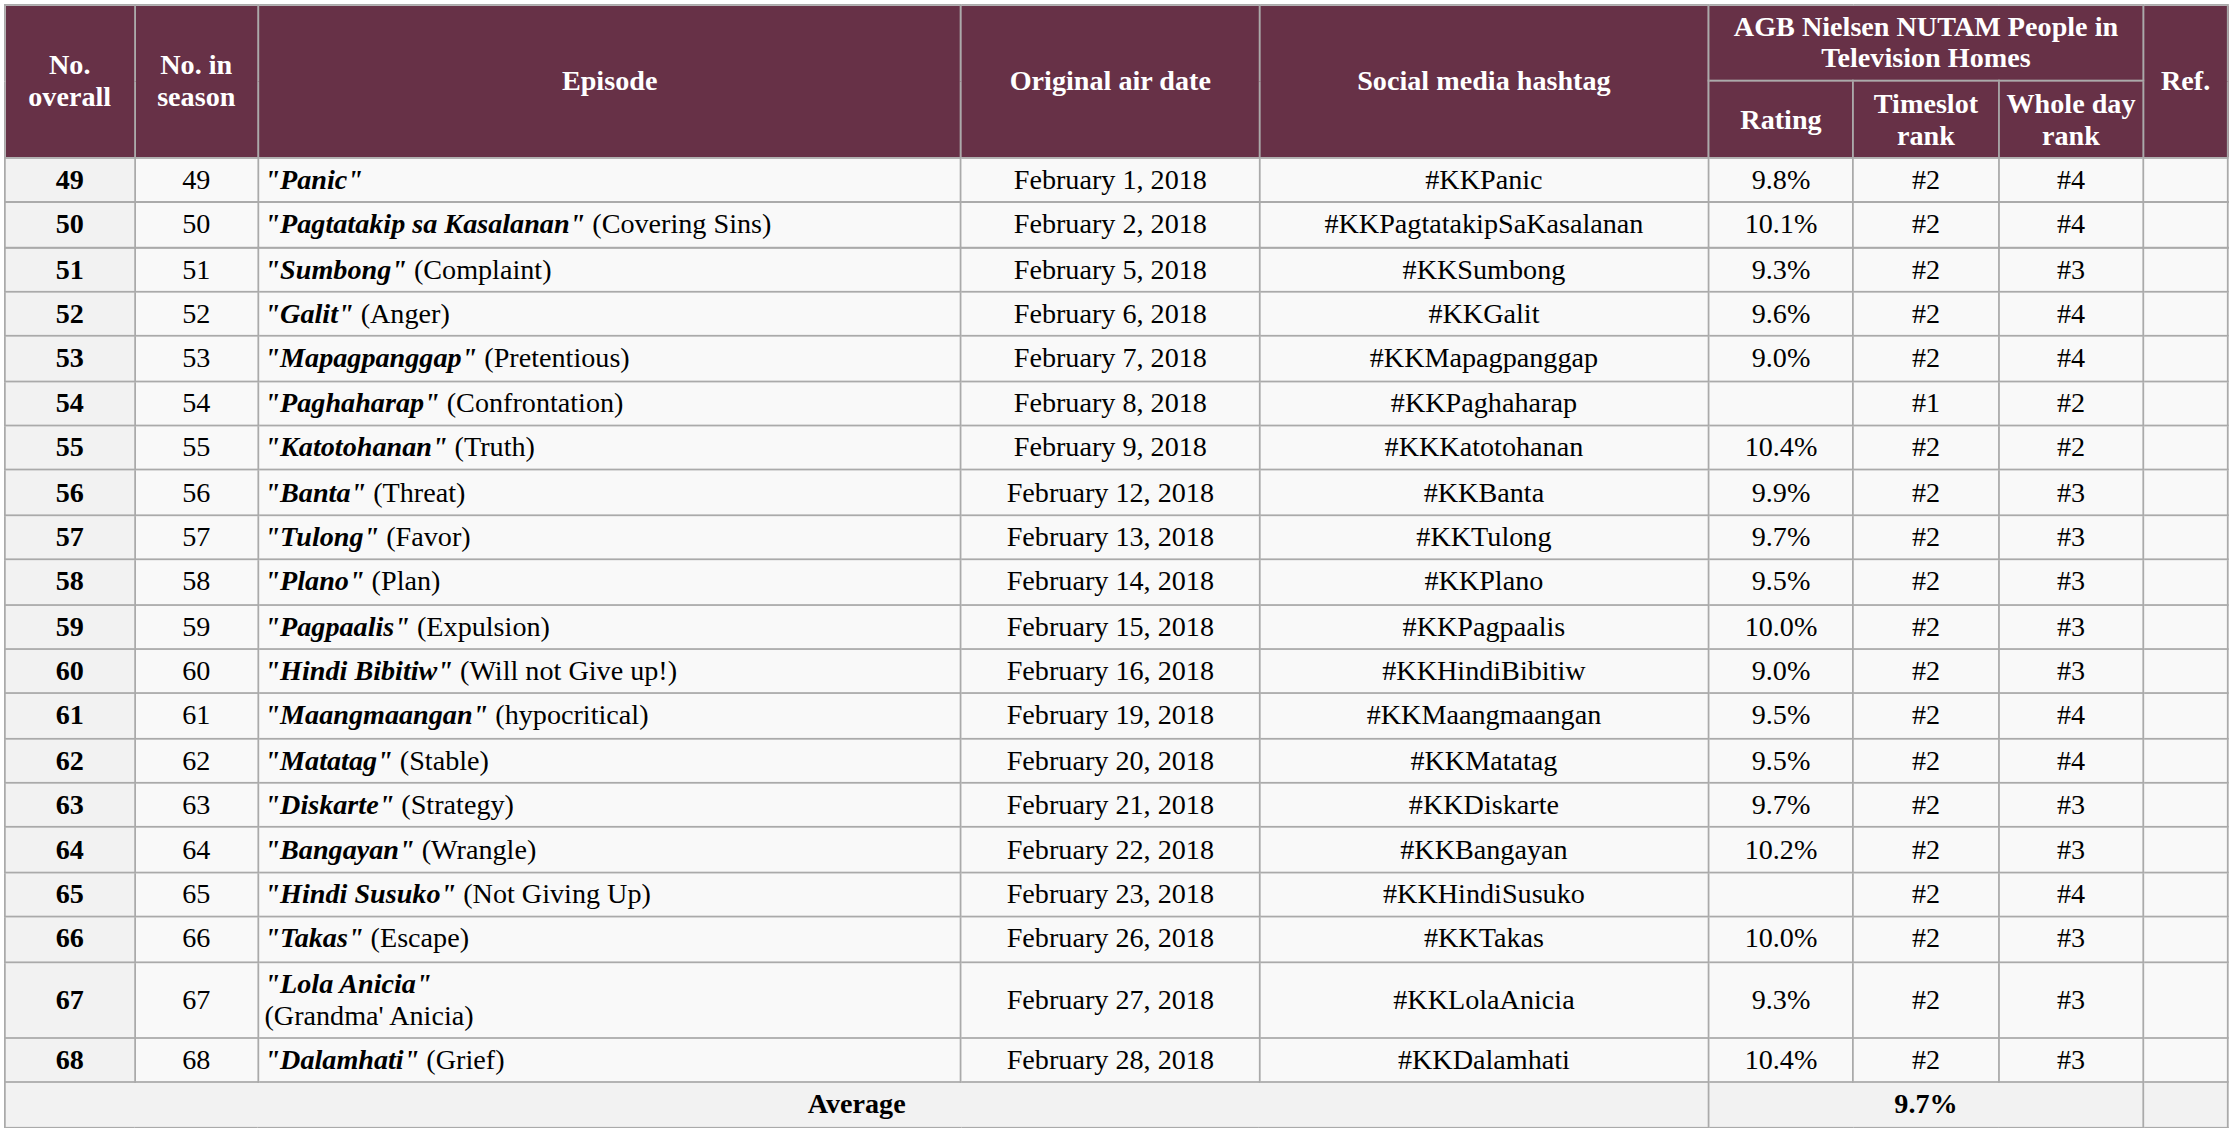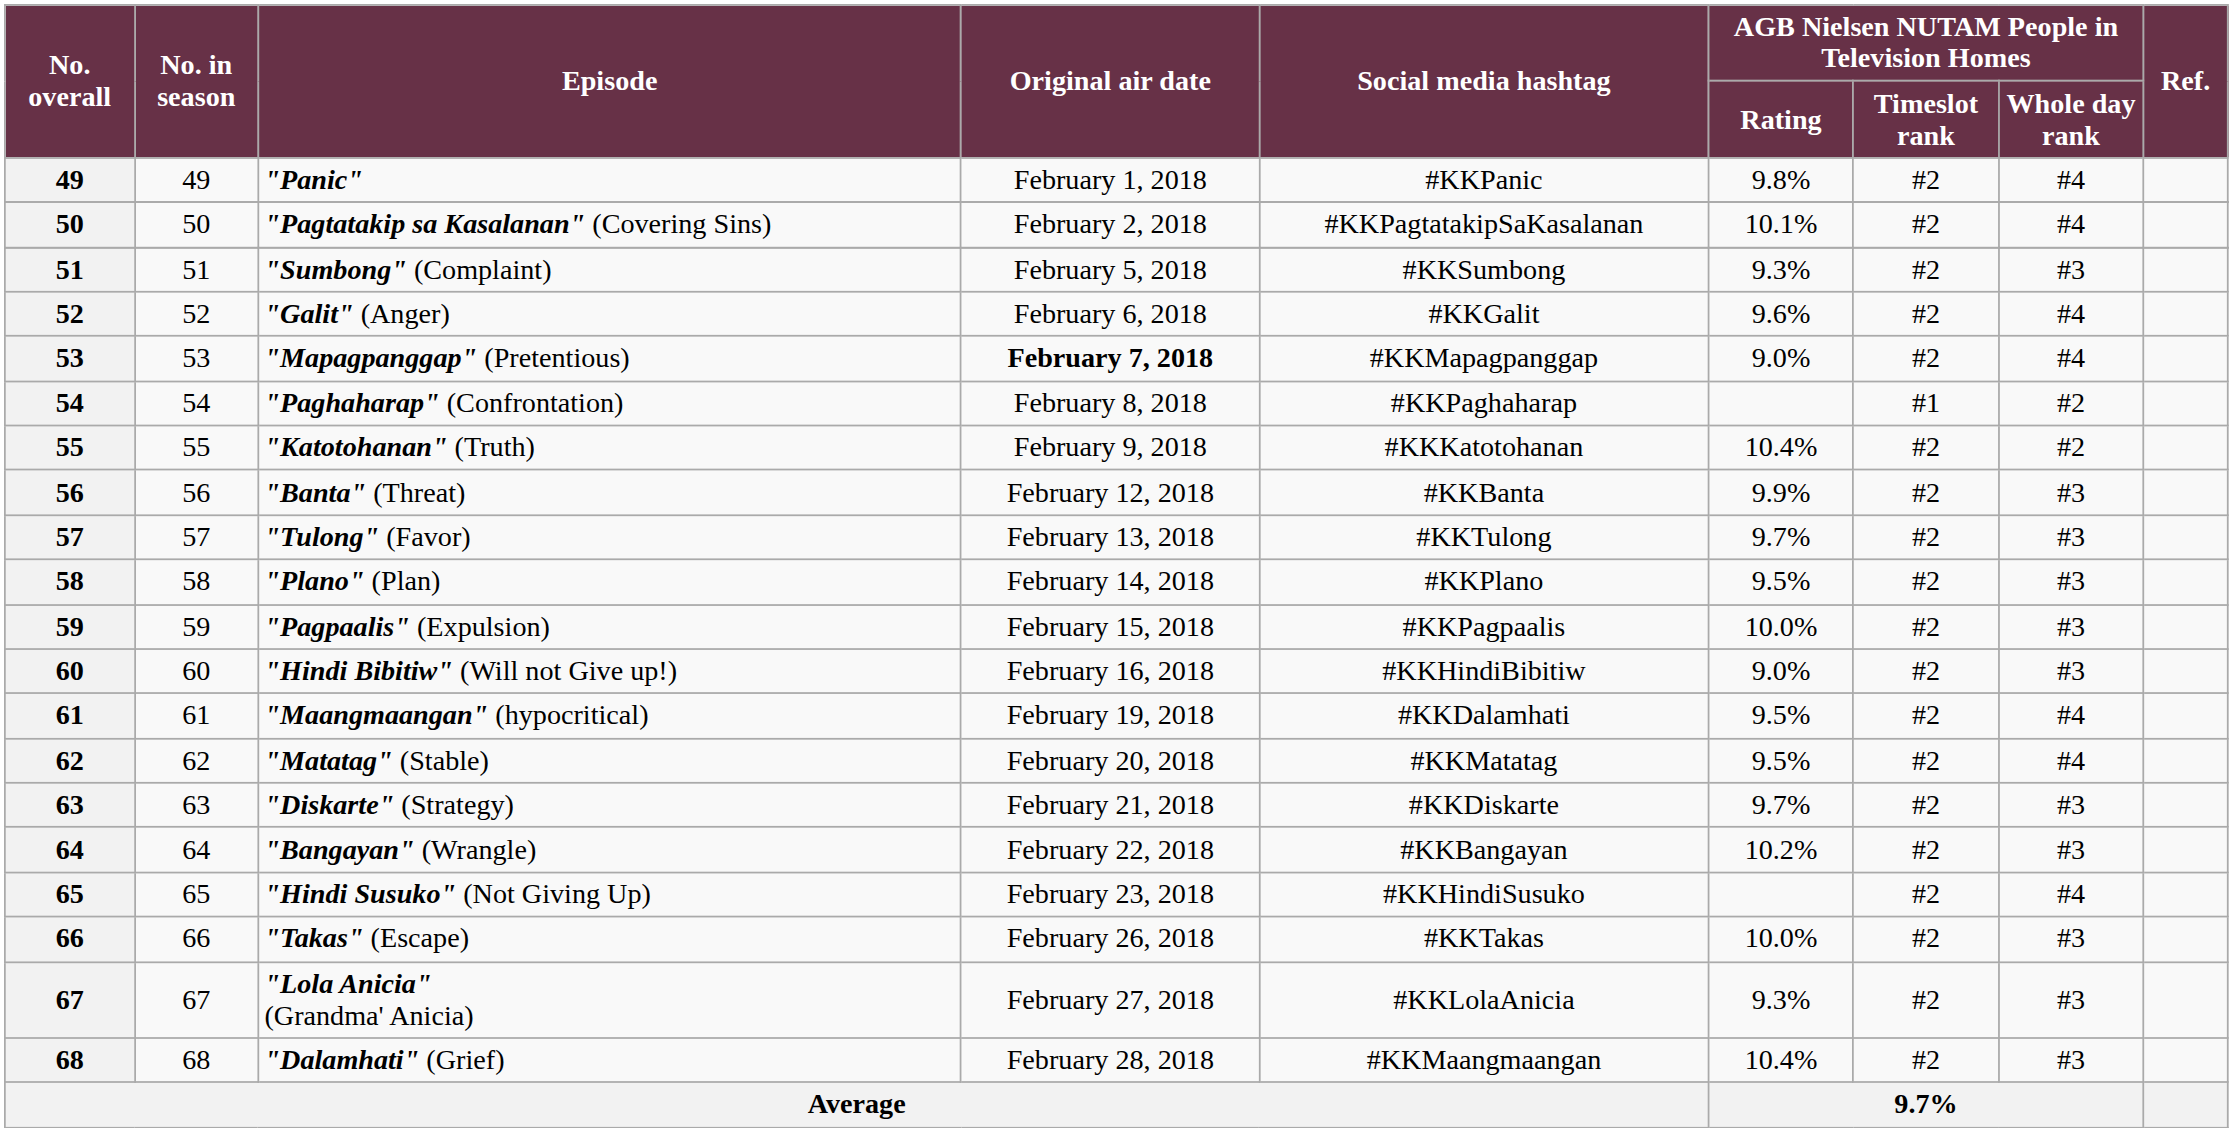 <table class="wikitable" style="text-align:center; font-size:100%; line-height:18px;" width="100%">
 <tr>
 <th style="background-color:#673147; color:#ffffff;" rowspan="2">No.<br>overall</th>
 <th style="background-color:#673147; color:#ffffff;" rowspan="2">No. in<br>season</th>
 <th style="background-color:#673147; color:#ffffff;" rowspan="2">Episode</th>
 <th style="background-color:#673147; color:white" rowspan="2">Original air date</th>
 <th style="background-color:#673147; color:white" rowspan="2">Social media hashtag</th>
 <th style="background-color:#673147; color:#ffffff;" colspan="3">AGB Nielsen NUTAM People in Television Homes</th>
 <th style="background-color:#673147; color:#ffffff;" rowspan="2">Ref.</th>
 </tr>
 <tr>
 <th style="background-color:#673147; width:75px; color:#ffffff;">Rating</th>
 <th style="background-color:#673147; width:75px; color:#ffffff;">Timeslot<br>rank</th>
 <th style="background-color:#673147; width:75px; color:#ffffff;">Whole day<br>rank</th>
 </tr>
 <tr>
 <th>49</th>
 <td>49</td>
 <td style="text-align: left;"><strong><em>"Panic"</em></strong></td>
 <td>February 1, 2018</td>
 <td>#KKPanic</td>
 <td>9.8%</td>
 <td>#2</td>
 <td>#4</td>
 <td></td>
 </tr>
 <tr>
 </tr>
 <tr>
 <th>50</th>
 <td>50</td>
 <td style="text-align: left;"><strong><em>"Pagtatakip sa Kasalanan"</em></strong> (Covering Sins)</td>
 <td>February 2, 2018</td>
 <td>#KKPagtatakipSaKasalanan</td>
 <td>10.1%</td>
 <td>#2</td>
 <td>#4</td>
 <td></td>
 </tr>
 <tr>
 </tr>
 <tr>
 <th>51</th>
 <td>51</td>
 <td style="text-align: left;"><strong><em>"Sumbong"</em></strong> (Complaint)</td>
 <td>February 5, 2018</td>
 <td>#KKSumbong</td>
 <td>9.3%</td>
 <td>#2</td>
 <td>#3</td>
 <td></td>
 </tr>
 <tr>
 <th>52</th>
 <td>52</td>
 <td style="text-align: left;"><strong><em>"Galit"</em></strong> (Anger)</td>
 <td>February 6, 2018</td>
 <td>#KKGalit</td>
 <td>9.6%</td>
 <td>#2</td>
 <td>#4</td>
 <td></td>
 </tr>
 <tr>
 <th>53</th>
 <td>53</td>
 <td style="text-align: left;"><strong><em>"Mapagpanggap"</em></strong> (Pretentious)</td>
-<td>February 7, 2018</td>
+<td><strong>February 7, 2018</strong></td>
 <td>#KKMapagpanggap</td>
 <td>9.0%</td>
 <td>#2</td>
 <td>#4</td>
 <td></td>
 </tr>
 <tr>
 <th>54</th>
 <td>54</td>
 <td style="text-align: left;"><strong><em>"Paghaharap"</em></strong> (Confrontation)</td>
 <td>February 8, 2018</td>
 <td>#KKPaghaharap</td>
 <td></td>
 <td>#1</td>
 <td>#2</td>
 <td></td>
 </tr>
 <tr>
 <th>55</th>
 <td>55</td>
 <td style="text-align: left;"><strong><em>"Katotohanan"</em></strong> (Truth)</td>
 <td>February 9, 2018</td>
 <td>#KKKatotohanan</td>
 <td>10.4%</td>
 <td>#2</td>
 <td>#2</td>
 <td></td>
 </tr>
 <tr>
 <th>56</th>
 <td>56</td>
 <td style="text-align: left;"><strong><em>"Banta"</em></strong> (Threat)</td>
 <td>February 12, 2018</td>
 <td>#KKBanta</td>
 <td>9.9%</td>
 <td>#2</td>
 <td>#3</td>
 <td></td>
 </tr>
 <tr>
 <th>57</th>
 <td>57</td>
 <td style="text-align: left;"><strong><em>"Tulong"</em></strong> (Favor)</td>
 <td>February 13, 2018</td>
 <td>#KKTulong</td>
 <td>9.7%</td>
 <td>#2</td>
 <td>#3</td>
 <td></td>
 </tr>
 <tr>
 <th>58</th>
 <td>58</td>
 <td style="text-align: left;"><strong><em>"Plano"</em></strong> (Plan)</td>
 <td>February 14, 2018</td>
 <td>#KKPlano</td>
 <td>9.5%</td>
 <td>#2</td>
 <td>#3</td>
 <td></td>
 </tr>
 <tr>
 <th>59</th>
 <td>59</td>
 <td style="text-align: left;"><strong><em>"Pagpaalis"</em></strong> (Expulsion)</td>
 <td>February 15, 2018</td>
 <td>#KKPagpaalis</td>
 <td>10.0%</td>
 <td>#2</td>
 <td>#3</td>
 <td></td>
 </tr>
 <tr>
 <th>60</th>
 <td>60</td>
 <td style="text-align: left;"><strong><em>"Hindi Bibitiw"</em></strong> (Will not Give up!)</td>
 <td>February 16, 2018</td>
 <td>#KKHindiBibitiw</td>
 <td>9.0%</td>
 <td>#2</td>
 <td>#3</td>
 <td></td>
 </tr>
 <tr>
 <th>61</th>
 <td>61</td>
 <td style="text-align: left;"><strong><em>"Maangmaangan"</em></strong> (hypocritical)</td>
 <td>February 19, 2018</td>
-<td>#KKMaangmaangan</td>
+<td>#KKDalamhati</td>
 <td>9.5%</td>
 <td>#2</td>
 <td>#4</td>
 <td></td>
 </tr>
 <tr>
 <th>62</th>
 <td>62</td>
 <td style="text-align: left;"><strong><em>"Matatag"</em></strong> (Stable)</td>
 <td>February 20, 2018</td>
 <td>#KKMatatag</td>
 <td>9.5%</td>
 <td>#2</td>
 <td>#4</td>
 <td></td>
 </tr>
 <tr>
 <th>63</th>
 <td>63</td>
 <td style="text-align: left;"><strong><em>"Diskarte"</em></strong> (Strategy)</td>
 <td>February 21, 2018</td>
 <td>#KKDiskarte</td>
 <td>9.7%</td>
 <td>#2</td>
 <td>#3</td>
 <td></td>
 </tr>
 <tr>
 <th>64</th>
 <td>64</td>
 <td style="text-align: left;"><strong><em>"Bangayan"</em></strong> (Wrangle)</td>
 <td>February 22, 2018</td>
 <td>#KKBangayan</td>
 <td>10.2%</td>
 <td>#2</td>
 <td>#3</td>
 <td></td>
 </tr>
 <tr>
 <th>65</th>
 <td>65</td>
 <td style="text-align: left;"><strong><em>"Hindi Susuko"</em></strong> (Not Giving Up)</td>
 <td>February 23, 2018</td>
 <td>#KKHindiSusuko</td>
 <td></td>
 <td>#2</td>
 <td>#4</td>
 <td></td>
 </tr>
 <tr>
 <th>66</th>
 <td>66</td>
 <td style="text-align: left;"><strong><em>"Takas"</em></strong> (Escape)</td>
 <td>February 26, 2018</td>
 <td>#KKTakas</td>
 <td>10.0%</td>
 <td>#2</td>
 <td>#3</td>
 <td></td>
 </tr>
 <tr>
 <th>67</th>
 <td>67</td>
 <td style="text-align: left;"><strong><em>"Lola Anicia"</em></strong><br>(Grandma' Anicia)</td>
 <td>February 27, 2018</td>
 <td>#KKLolaAnicia</td>
 <td>9.3%</td>
 <td>#2</td>
 <td>#3</td>
 <td></td>
 </tr>
 <tr>
 <th>68</th>
 <td>68</td>
 <td style="text-align: left;"><strong><em>"Dalamhati"</em></strong> (Grief)</td>
 <td>February 28, 2018</td>
-<td>#KKDalamhati</td>
+<td>#KKMaangmaangan</td>
 <td>10.4%</td>
 <td>#2</td>
 <td>#3</td>
 <td></td>
 </tr>
 <tr>
 <th colspan="5">Average</th>
 <th colspan="3">9.7%</th>
 <th></th>
 </tr>
 </table>
